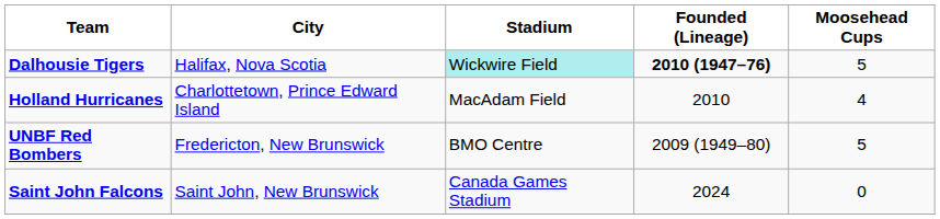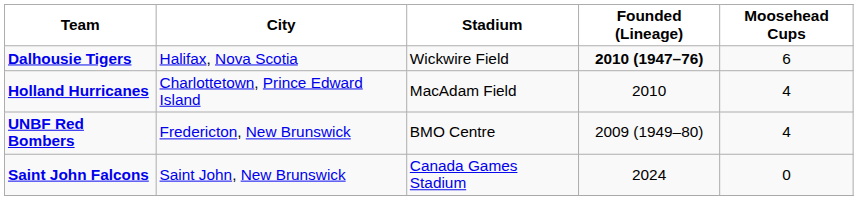 <table class="wikitable" style="width:70%; text-align:left">
 <tr>
 <th style="background:white;">Team</th>
 <th style="background:white;">City</th>
 <th style="background:white;">Stadium</th>
 <th style="background:white;">Founded (Lineage)</th>
 <th style="background:white;">Moosehead Cups</th>
 </tr>
 <tr>
 <td><strong><a href='#'>Dalhousie Tigers</a></strong></td>
 <td><a href='#'>Halifax</a>, <a href='#'>Nova Scotia</a></td>
-<td style="background: paleturquoise;">Wickwire Field</td>
+<td>Wickwire Field</td>
 <td align=center><strong>2010 (1947–76)</strong></td>
-<td align=center>5</td>
+<td align=center>6</td>
 </tr>
 <tr>
 <td><strong><a href='#'>Holland Hurricanes</a></strong></td>
 <td><a href='#'>Charlottetown</a>, <a href='#'>Prince Edward Island</a></td>
 <td>MacAdam Field</td>
 <td align=center>2010</td>
 <td align=center>4</td>
 </tr>
 <tr>
 <td><strong><a href='#'>UNBF Red Bombers</a></strong></td>
 <td><a href='#'>Fredericton</a>, <a href='#'>New Brunswick</a></td>
 <td>BMO Centre</td>
 <td align=center>2009 (1949–80)</td>
-<td align=center>5</td>
+<td align=center>4</td>
 </tr>
 <tr>
 <td><strong><a href='#'>Saint John Falcons</a></strong></td>
 <td><a href='#'>Saint John</a>, <a href='#'>New Brunswick</a></td>
 <td><a href='#'>Canada Games Stadium</a></td>
 <td align=center>2024</td>
 <td align=center>0</td>
 </tr>
 <tr>
 </tr>
 </table>
